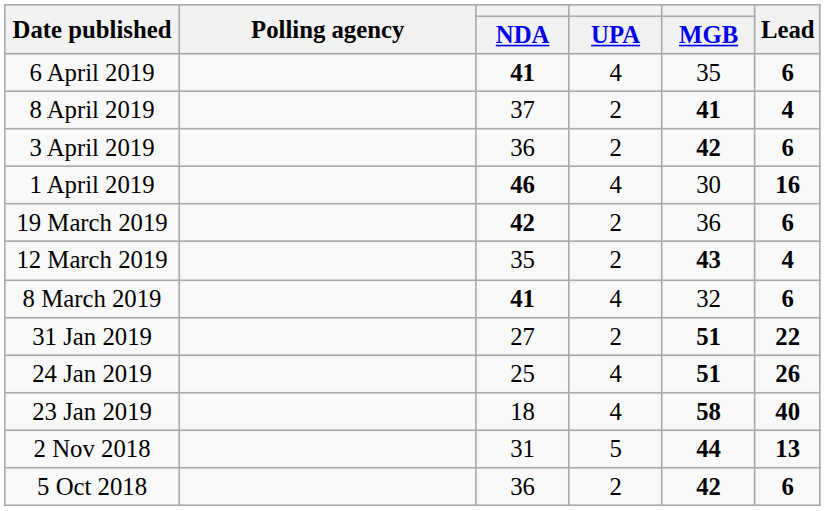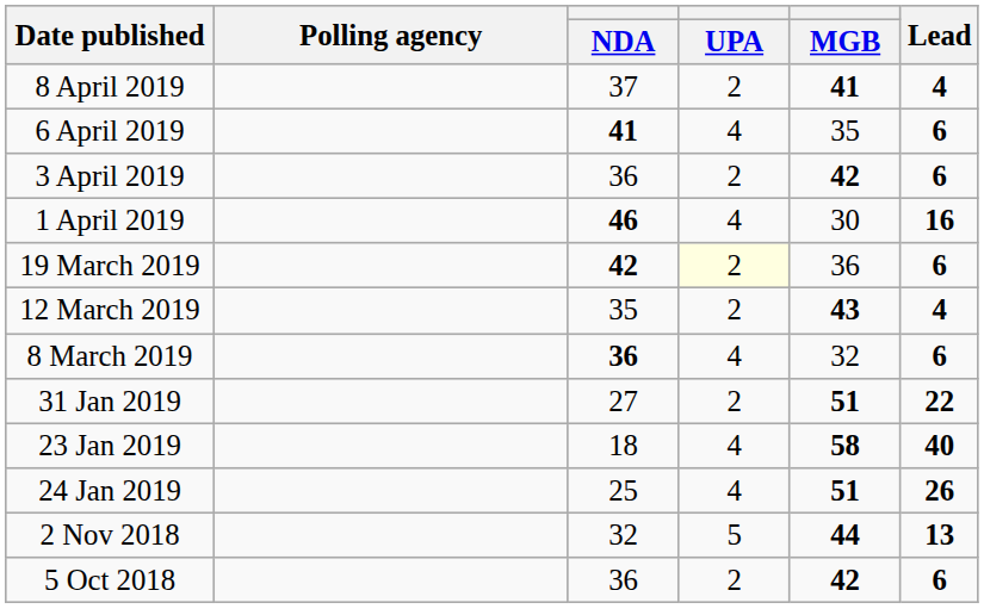 <table class="wikitable sortable" style="text-align:center;font-size:95%;line-height:16px">
 <tr>
 <th rowspan="2" width="100px">Date published</th>
 <th rowspan="2" width="175px">Polling agency</th>
 <th style="color:inherit;background:"></th>
 <th style="color:inherit;background:"></th>
 <th bgcolor=></th>
 <th rowspan="2">Lead</th>
 </tr>
 <tr>
 <th width="50px" class="unsortable"><a href='#'>NDA</a></th>
 <th width="50px" class="unsortable"><a href='#'>UPA</a></th>
 <th width="50px" class="unsortable"><a href='#'>MGB</a></th>
 </tr>
 <tr>
+<td>8 April 2019</td>
+<td></td>
+<td>37</td>
+<td>2</td>
+<td bgcolor=><span><strong>41</strong></span></td>
+<td bgcolor=><span><strong>4</strong></span></td>
+</tr>
+<tr>
 <td>6 April 2019</td>
 <td></td>
 <td style="background:"><strong>41</strong></td>
 <td>4</td>
 <td>35</td>
 <td style="background:"><span><strong>6</strong></span></td>
-</tr>
-<tr>
-<td>8 April 2019</td>
-<td></td>
-<td>37</td>
-<td>2</td>
-<td bgcolor=><span><strong>41</strong></span></td>
-<td bgcolor=><span><strong>4</strong></span></td>
 </tr>
 <tr>
 <td>3 April 2019</td>
 <td></td>
 <td>36</td>
 <td>2</td>
 <td bgcolor=><span><strong>42</strong></span></td>
 <td bgcolor=><span><strong>6</strong></span></td>
 </tr>
 <tr>
 <td>1 April 2019</td>
 <td></td>
 <td style="background:"><strong>46</strong></td>
 <td>4</td>
 <td>30</td>
 <td style="background:"><span><strong>16</strong></span></td>
 </tr>
 <tr>
 <td>19 March 2019</td>
 <td></td>
 <td style="background:"><strong>42</strong></td>
-<td>2</td>
+<td style="background: lightyellow;">2</td>
 <td>36</td>
 <td style="background:"><span><strong>6</strong></span></td>
 </tr>
 <tr>
 <td>12 March 2019</td>
 <td></td>
 <td>35</td>
 <td>2</td>
 <td bgcolor=><span><strong>43</strong></span></td>
 <td bgcolor=><span><strong>4</strong></span></td>
 </tr>
 <tr>
 <td>8 March 2019</td>
 <td></td>
-<td style="background:"><strong>41</strong></td>
+<td style="background:"><strong>36</strong></td>
 <td>4</td>
 <td>32</td>
 <td style="background:"><span><strong>6</strong></span></td>
 </tr>
 <tr>
 <td>31 Jan 2019</td>
 <td></td>
 <td>27</td>
 <td>2</td>
 <td bgcolor=><span><strong>51</strong></span></td>
 <td bgcolor=><span><strong>22</strong></span></td>
 </tr>
 <tr>
+<td>23 Jan 2019</td>
+<td></td>
+<td>18</td>
+<td>4</td>
+<td bgcolor=><span><strong>58</strong></span></td>
+<td bgcolor=><span><strong>40</strong></span></td>
+</tr>
+<tr>
 <td>24 Jan 2019</td>
 <td> </td>
 <td>25</td>
 <td>4</td>
 <td bgcolor=><span><strong>51</strong></span></td>
 <td bgcolor=><span><strong>26</strong></span></td>
 </tr>
 <tr>
-<td>23 Jan 2019</td>
-<td></td>
-<td>18</td>
-<td>4</td>
-<td bgcolor=><span><strong>58</strong></span></td>
-<td bgcolor=><span><strong>40</strong></span></td>
-</tr>
-<tr>
 <td>2 Nov 2018</td>
 <td></td>
-<td>31</td>
+<td>32</td>
 <td>5</td>
 <td bgcolor=><span><strong>44</strong></span></td>
 <td bgcolor=><span><strong>13</strong></span></td>
 </tr>
 <tr>
 <td>5 Oct 2018</td>
 <td></td>
 <td>36</td>
 <td>2</td>
 <td bgcolor=><span><strong>42</strong></span></td>
 <td bgcolor=><span><strong>6</strong></span></td>
 </tr>
 </table>
